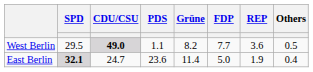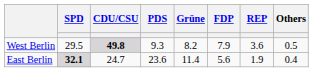 <table class="wikitable sortable" style="text-align: center; font-size: 90%; line-height: 14px;">
 <tr style="height: 40px;">
 <th rowspan="2"></th>
 <th style="width: 40px;"><a href='#'>SPD</a></th>
 <th style="width: 40px;"><a href='#'>CDU/CSU</a></th>
 <th style="width: 40px;"><a href='#'>PDS</a></th>
 <th style="width: 40px;"><a href='#'>Grüne</a></th>
 <th style="width: 40px;"><a href='#'>FDP</a></th>
 <th style="width: 40px;"><a href='#'>REP</a></th>
 <th style="width: 40px;">Others</th>
 </tr>
 <tr>
 <th style="background:"></th>
 <th style="background:"></th>
 <th style="background:"></th>
 <th style="background:"></th>
 <th style="background:"></th>
 <th style="background:"></th>
 <th style="background:"></th>
 </tr>
 <tr>
 <td style="text-align: left;"><a href='#'>West Berlin</a></td>
 <td>29.5</td>
-<td style="background: #D7D5D7;"><strong>49.0</strong></td>
-<td>1.1</td>
+<td style="background: #D7D5D7;"><strong>49.8</strong></td>
+<td>9.3</td>
 <td>8.2</td>
-<td>7.7</td>
+<td>7.9</td>
 <td>3.6</td>
 <td>0.5</td>
 </tr>
 <tr>
 <td style="text-align: left;"><a href='#'>East Berlin</a></td>
 <td style="background: #D7D5D7;"><strong>32.1</strong></td>
 <td>24.7</td>
 <td>23.6</td>
 <td>11.4</td>
-<td>5.0</td>
+<td>5.6</td>
 <td>1.9</td>
 <td>0.4</td>
 </tr>
 </table>
